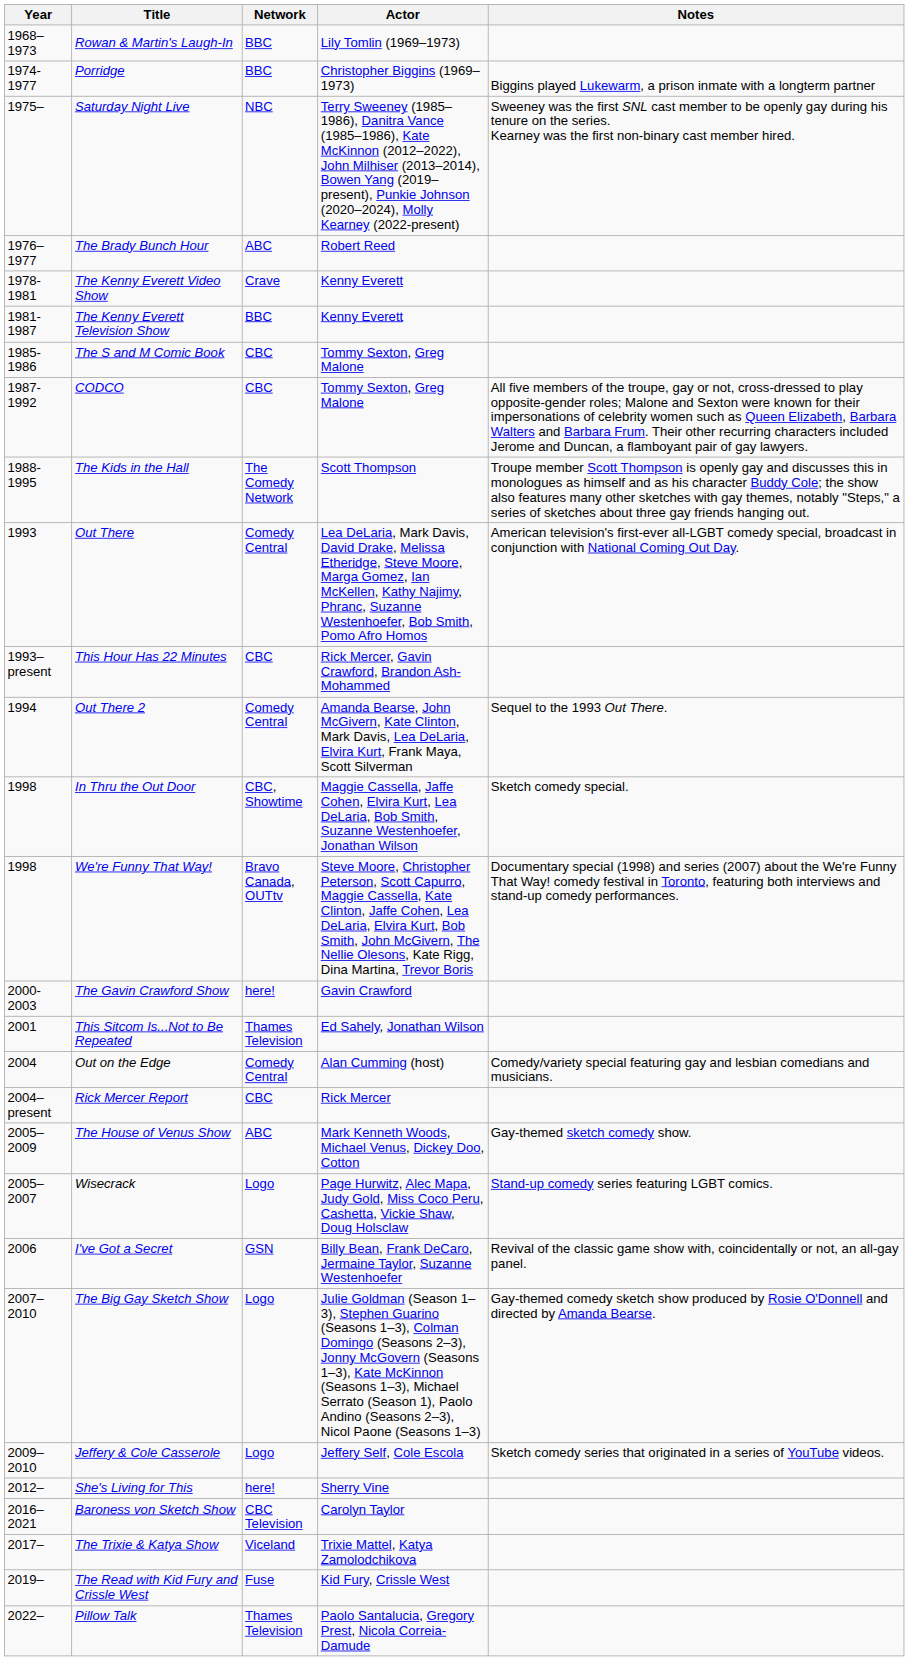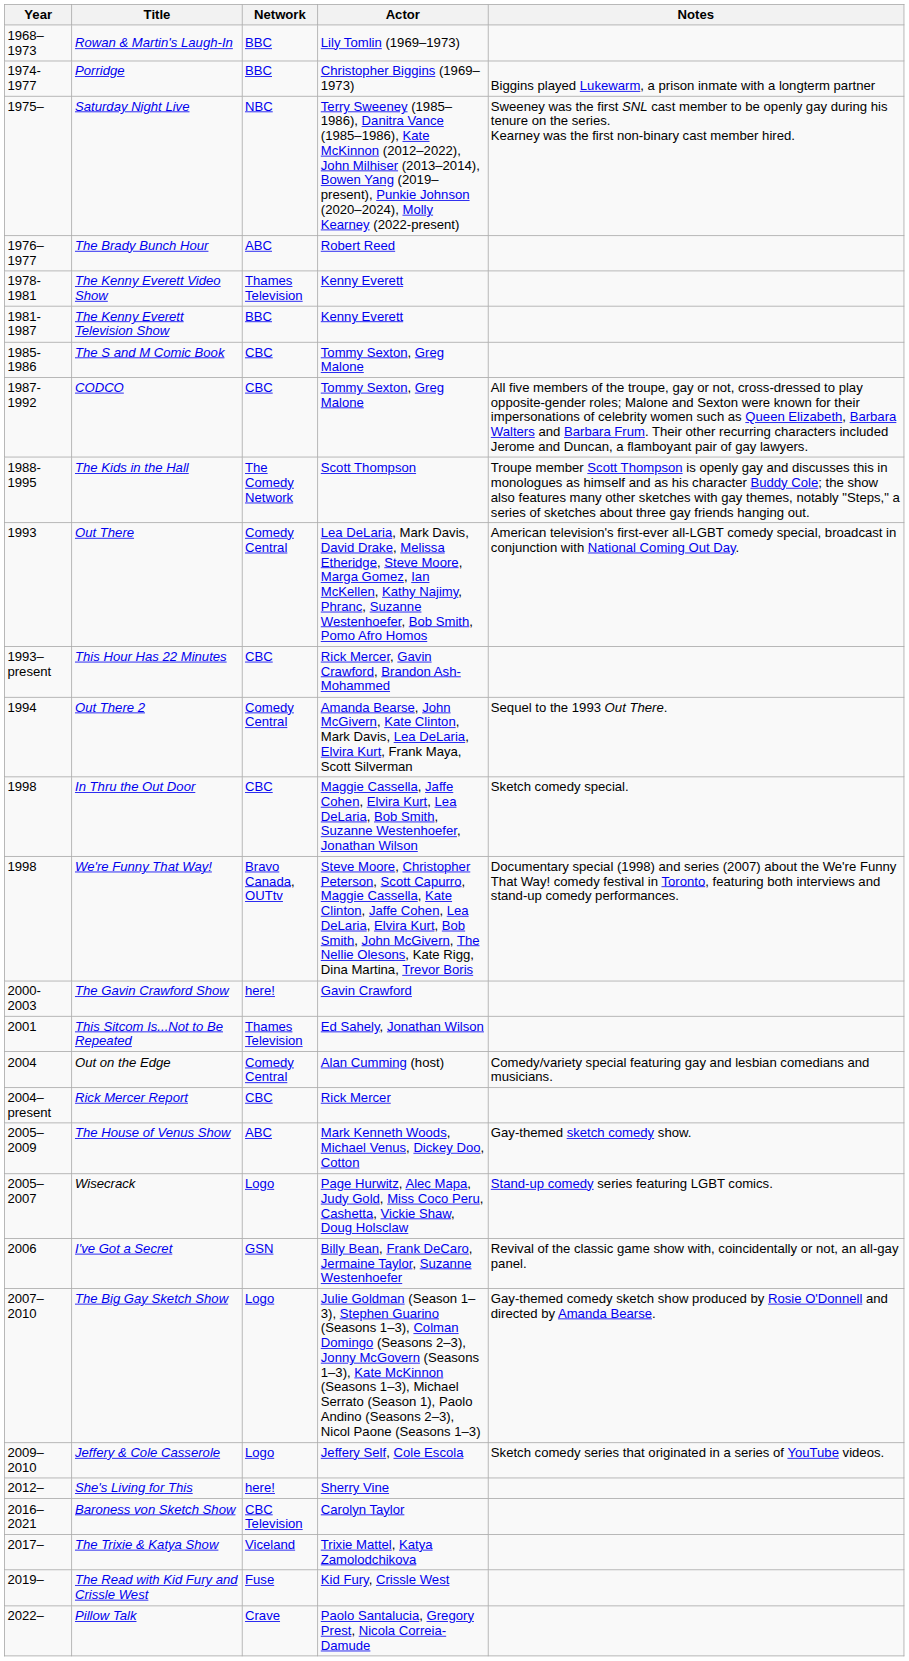 <table class="sortable wikitable" style="margins:auto; width=95%;">
 <tr>
 <th width="75">Year</th>
 <th width="200">Title</th>
 <th width="85">Network</th>
 <th width="200">Actor</th>
 <th width="500" class="unsortable">Notes</th>
 </tr>
 <tr>
 <td>1968–1973</td>
 <td><em><a href='#'>Rowan & Martin's Laugh-In</a></em></td>
 <td><a href='#'>BBC</a></td>
 <td><a href='#'>Lily Tomlin</a> (1969–1973)</td>
 <td></td>
 </tr>
 <tr valign="top">
 <td>1974-1977</td>
 <td><em><a href='#'>Porridge</a></em></td>
 <td><a href='#'>BBC</a></td>
 <td><a href='#'>Christopher Biggins</a> (1969–1973)</td>
 <td><br>Biggins played <a href='#'>Lukewarm</a>, a prison inmate with a longterm partner</td>
 </tr>
 <tr valign="top">
 <td>1975–</td>
 <td><em><a href='#'>Saturday Night Live</a></em></td>
 <td><a href='#'>NBC</a></td>
 <td><a href='#'>Terry Sweeney</a> (1985–1986), <a href='#'>Danitra Vance</a> (1985–1986), <a href='#'>Kate McKinnon</a> (2012–2022), <a href='#'>John Milhiser</a> (2013–2014), <a href='#'>Bowen Yang</a> (2019–present), <a href='#'>Punkie Johnson</a> (2020–2024), <a href='#'>Molly Kearney</a> (2022-present)</td>
 <td>Sweeney was the first <em>SNL</em> cast member to be openly gay during his tenure on the series.<br>Kearney was the first non-binary cast member hired.</td>
 </tr>
 <tr valign="top">
 <td>1976–1977</td>
 <td><em><a href='#'>The Brady Bunch Hour</a></em></td>
 <td><a href='#'>ABC</a></td>
 <td><a href='#'>Robert Reed</a></td>
 <td></td>
 </tr>
 <tr valign="top">
 <td>1978-1981</td>
 <td><em><a href='#'>The Kenny Everett Video Show</a></em></td>
-<td><a href='#'>Crave</a></td>
+<td><a href='#'>Thames Television</a></td>
 <td><a href='#'>Kenny Everett</a></td>
 <td></td>
 </tr>
 <tr valign="top">
 <td>1981-1987</td>
 <td><em><a href='#'>The Kenny Everett Television Show</a></em></td>
 <td><a href='#'>BBC</a></td>
 <td><a href='#'>Kenny Everett</a></td>
 <td></td>
 </tr>
 <tr valign="top">
 <td>1985-1986</td>
 <td><em><a href='#'>The S and M Comic Book</a></em></td>
 <td><a href='#'>CBC</a></td>
 <td><a href='#'>Tommy Sexton</a>, <a href='#'>Greg Malone</a></td>
 <td></td>
 </tr>
 <tr valign="top">
 <td>1987-1992</td>
 <td><em><a href='#'>CODCO</a></em></td>
 <td><a href='#'>CBC</a></td>
 <td><a href='#'>Tommy Sexton</a>, <a href='#'>Greg Malone</a></td>
 <td>All five members of the troupe, gay or not, cross-dressed to play opposite-gender roles; Malone and Sexton were known for their impersonations of celebrity women such as <a href='#'>Queen Elizabeth</a>, <a href='#'>Barbara Walters</a> and <a href='#'>Barbara Frum</a>. Their other recurring characters included Jerome and Duncan, a flamboyant pair of gay lawyers.</td>
 </tr>
 <tr valign="top">
 <td>1988-1995</td>
 <td><em><a href='#'>The Kids in the Hall</a></em></td>
 <td><a href='#'>The Comedy Network</a></td>
 <td><a href='#'>Scott Thompson</a></td>
 <td>Troupe member <a href='#'>Scott Thompson</a> is openly gay and discusses this in monologues as himself and as his character <a href='#'>Buddy Cole</a>; the show also features many other sketches with gay themes, notably "Steps," a series of sketches about three gay friends hanging out.</td>
 </tr>
 <tr valign="top">
 <td>1993</td>
 <td><em><a href='#'>Out There</a></em></td>
 <td><a href='#'>Comedy Central</a></td>
 <td><a href='#'>Lea DeLaria</a>, Mark Davis, <a href='#'>David Drake</a>, <a href='#'>Melissa Etheridge</a>, <a href='#'>Steve Moore</a>, <a href='#'>Marga Gomez</a>, <a href='#'>Ian McKellen</a>, <a href='#'>Kathy Najimy</a>, <a href='#'>Phranc</a>, <a href='#'>Suzanne Westenhoefer</a>, <a href='#'>Bob Smith</a>, <a href='#'>Pomo Afro Homos</a></td>
 <td>American television's first-ever all-LGBT comedy special, broadcast in conjunction with <a href='#'>National Coming Out Day</a>.</td>
 </tr>
 <tr valign="top">
 <td>1993–present</td>
 <td><em><a href='#'>This Hour Has 22 Minutes</a></em></td>
 <td><a href='#'>CBC</a></td>
 <td><a href='#'>Rick Mercer</a>, <a href='#'>Gavin Crawford</a>, <a href='#'>Brandon Ash-Mohammed</a></td>
 <td></td>
 </tr>
 <tr valign="top">
 <td>1994</td>
 <td><em><a href='#'>Out There 2</a></em></td>
 <td><a href='#'>Comedy Central</a></td>
 <td><a href='#'>Amanda Bearse</a>, <a href='#'>John McGivern</a>, <a href='#'>Kate Clinton</a>, Mark Davis, <a href='#'>Lea DeLaria</a>, <a href='#'>Elvira Kurt</a>, Frank Maya, Scott Silverman</td>
 <td>Sequel to the 1993 <em>Out There</em>.</td>
 </tr>
 <tr valign="top">
 <td>1998</td>
 <td><em><a href='#'>In Thru the Out Door</a></em></td>
-<td><a href='#'>CBC</a>, <a href='#'>Showtime</a></td>
+<td><a href='#'>CBC</a></td>
 <td><a href='#'>Maggie Cassella</a>, <a href='#'>Jaffe Cohen</a>, <a href='#'>Elvira Kurt</a>, <a href='#'>Lea DeLaria</a>, <a href='#'>Bob Smith</a>, <a href='#'>Suzanne Westenhoefer</a>, <a href='#'>Jonathan Wilson</a></td>
 <td>Sketch comedy special.</td>
 </tr>
 <tr valign="top">
 <td>1998</td>
 <td><em><a href='#'>We're Funny That Way!</a></em></td>
 <td><a href='#'>Bravo Canada</a>, <a href='#'>OUTtv</a></td>
 <td><a href='#'>Steve Moore</a>, <a href='#'>Christopher Peterson</a>, <a href='#'>Scott Capurro</a>, <a href='#'>Maggie Cassella</a>, <a href='#'>Kate Clinton</a>, <a href='#'>Jaffe Cohen</a>, <a href='#'>Lea DeLaria</a>, <a href='#'>Elvira Kurt</a>, <a href='#'>Bob Smith</a>, <a href='#'>John McGivern</a>, <a href='#'>The Nellie Olesons</a>, Kate Rigg, Dina Martina, <a href='#'>Trevor Boris</a></td>
 <td>Documentary special (1998) and series (2007) about the We're Funny That Way! comedy festival in <a href='#'>Toronto</a>, featuring both interviews and stand-up comedy performances.</td>
 </tr>
 <tr valign="top">
 <td>2000-2003</td>
 <td><em><a href='#'>The Gavin Crawford Show</a></em></td>
 <td><a href='#'>here!</a></td>
 <td><a href='#'>Gavin Crawford</a></td>
 <td></td>
 </tr>
 <tr valign="top">
 <td>2001</td>
 <td><em><a href='#'>This Sitcom Is...Not to Be Repeated</a></em></td>
 <td><a href='#'>Thames Television</a></td>
 <td><a href='#'>Ed Sahely</a>, <a href='#'>Jonathan Wilson</a></td>
 <td></td>
 </tr>
 <tr valign="top">
 <td>2004</td>
 <td><em>Out on the Edge</em></td>
 <td><a href='#'>Comedy Central</a></td>
 <td><a href='#'>Alan Cumming</a> (host)</td>
 <td>Comedy/variety special featuring gay and lesbian comedians and musicians.</td>
 </tr>
 <tr valign="top">
 <td>2004–present</td>
 <td><em><a href='#'>Rick Mercer Report</a></em></td>
 <td><a href='#'>CBC</a></td>
 <td><a href='#'>Rick Mercer</a></td>
 <td></td>
 </tr>
 <tr valign="top">
 <td>2005–2009</td>
 <td><em><a href='#'>The House of Venus Show</a></em></td>
 <td><a href='#'>ABC</a></td>
 <td><a href='#'>Mark Kenneth Woods</a>, <a href='#'>Michael Venus</a>, <a href='#'>Dickey Doo</a>, <a href='#'>Cotton</a></td>
 <td>Gay-themed <a href='#'>sketch comedy</a> show.</td>
 </tr>
 <tr valign="top">
 <td>2005–2007</td>
 <td><em>Wisecrack</em></td>
 <td><a href='#'>Logo</a></td>
 <td><a href='#'>Page Hurwitz</a>, <a href='#'>Alec Mapa</a>, <a href='#'>Judy Gold</a>, <a href='#'>Miss Coco Peru</a>, <a href='#'>Cashetta</a>, <a href='#'>Vickie Shaw</a>, <a href='#'>Doug Holsclaw</a></td>
 <td><a href='#'>Stand-up comedy</a> series featuring LGBT comics.</td>
 </tr>
 <tr valign="top">
 <td>2006</td>
 <td><em><a href='#'>I've Got a Secret</a></em></td>
 <td><a href='#'>GSN</a></td>
 <td><a href='#'>Billy Bean</a>, <a href='#'>Frank DeCaro</a>, <a href='#'>Jermaine Taylor</a>, <a href='#'>Suzanne Westenhoefer</a></td>
 <td>Revival of the classic game show with, coincidentally or not, an all-gay panel.</td>
 </tr>
 <tr valign="top">
 <td>2007–2010</td>
 <td><em><a href='#'>The Big Gay Sketch Show</a></em></td>
 <td><a href='#'>Logo</a></td>
 <td><a href='#'>Julie Goldman</a> (Season 1–3), <a href='#'>Stephen Guarino</a> (Seasons 1–3), <a href='#'>Colman Domingo</a> (Seasons 2–3), <a href='#'>Jonny McGovern</a> (Seasons 1–3), <a href='#'>Kate McKinnon</a> (Seasons 1–3), Michael Serrato (Season 1), Paolo Andino (Seasons 2–3), Nicol Paone (Seasons 1–3)</td>
 <td>Gay-themed comedy sketch show produced by <a href='#'>Rosie O'Donnell</a> and directed by <a href='#'>Amanda Bearse</a>.</td>
 </tr>
 <tr valign="top">
 <td>2009–2010</td>
 <td><em><a href='#'>Jeffery & Cole Casserole</a></em></td>
 <td><a href='#'>Logo</a></td>
 <td><a href='#'>Jeffery Self</a>, <a href='#'>Cole Escola</a></td>
 <td>Sketch comedy series that originated in a series of <a href='#'>YouTube</a> videos.</td>
 </tr>
 <tr valign="top">
 <td>2012–</td>
 <td><em><a href='#'>She's Living for This</a></em></td>
 <td><a href='#'>here!</a></td>
 <td><a href='#'>Sherry Vine</a></td>
 <td></td>
 </tr>
 <tr valign="top">
 <td>2016–2021</td>
 <td><em><a href='#'>Baroness von Sketch Show</a></em></td>
 <td><a href='#'>CBC Television</a></td>
 <td><a href='#'>Carolyn Taylor</a></td>
 <td></td>
 </tr>
 <tr valign="top">
 <td>2017–</td>
 <td><em><a href='#'>The Trixie & Katya Show</a></em></td>
 <td><a href='#'>Viceland</a></td>
 <td><a href='#'>Trixie Mattel</a>, <a href='#'>Katya Zamolodchikova</a></td>
 <td></td>
 </tr>
 <tr valign="top">
 <td>2019–</td>
 <td><em><a href='#'>The Read with Kid Fury and Crissle West</a></em></td>
 <td><a href='#'>Fuse</a></td>
 <td><a href='#'>Kid Fury</a>, <a href='#'>Crissle West</a></td>
 <td></td>
 </tr>
 <tr valign="top">
 <td>2022–</td>
 <td><em><a href='#'>Pillow Talk</a></em></td>
-<td><a href='#'>Thames Television</a></td>
+<td><a href='#'>Crave</a></td>
 <td><a href='#'>Paolo Santalucia</a>, <a href='#'>Gregory Prest</a>, <a href='#'>Nicola Correia-Damude</a></td>
 <td></td>
 </tr>
 </table>
